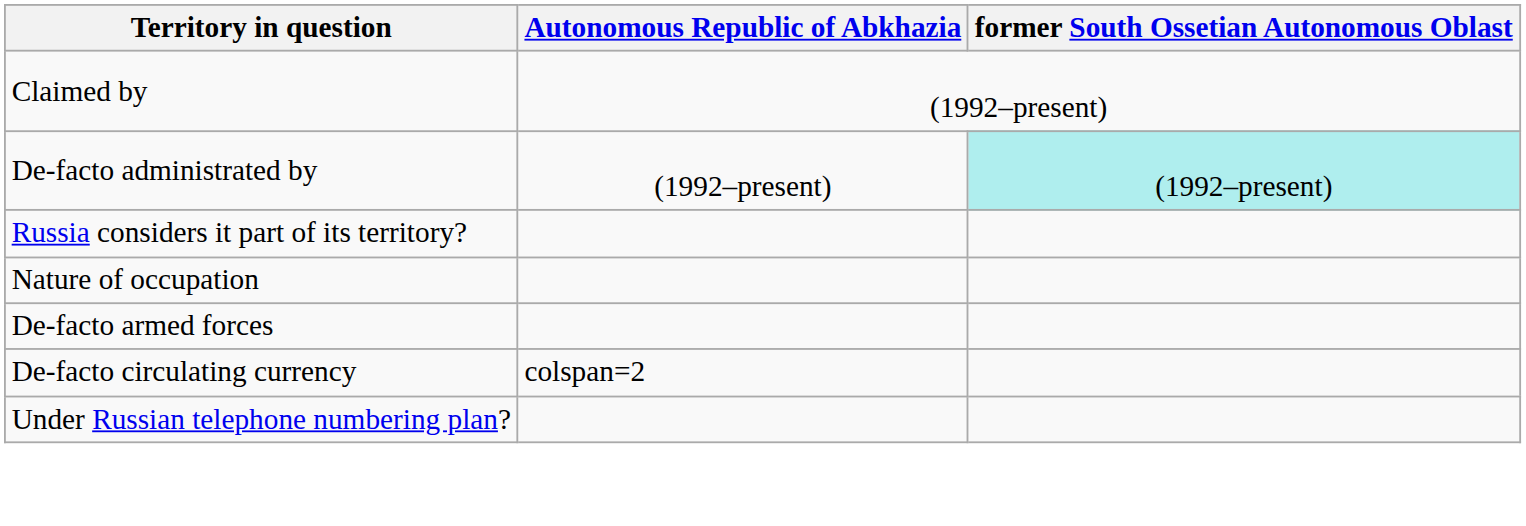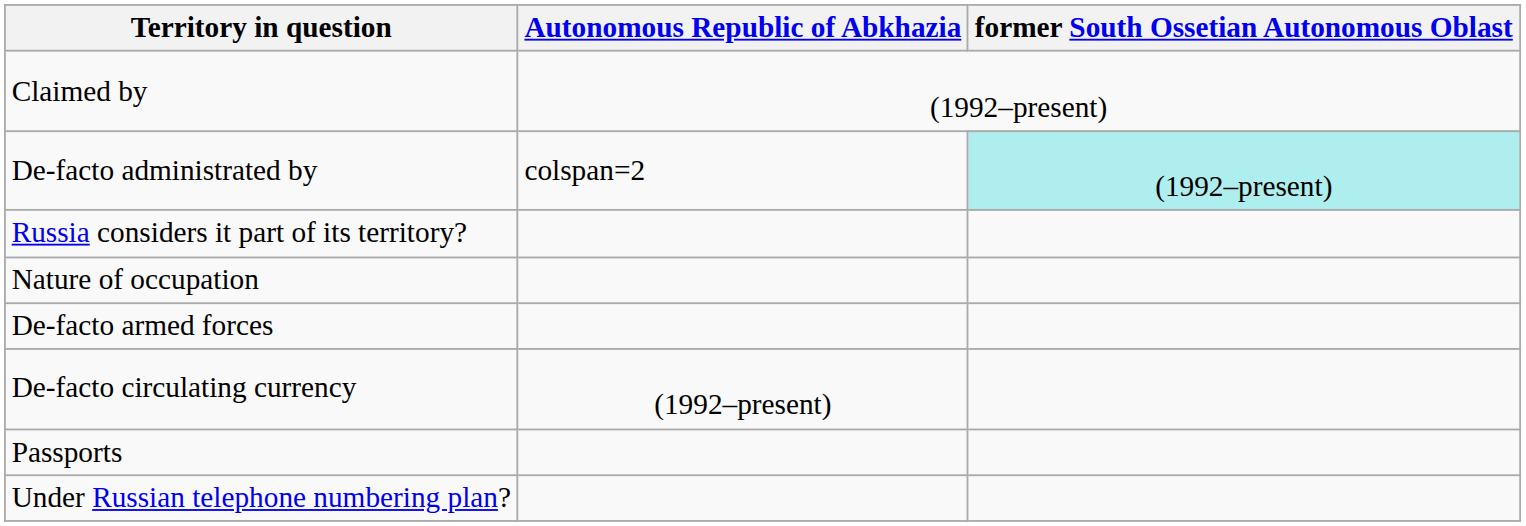 <table class="wikitable" style="font-size: 100%">
 <tr>
 <th>Territory in question</th>
 <th><a href='#'>Autonomous Republic of Abkhazia</a></th>
 <th>former <a href='#'>South Ossetian Autonomous Oblast</a></th>
 </tr>
 <tr>
 <td>Claimed by</td>
 <td align="center" colspan=2><br>(1992–present)</td>
 </tr>
 <tr>
 <td>De-facto administrated by</td>
-<td align="center"><br>(1992–present)</td>
+<td>colspan=2 </td>
 <td align="center" style="background: paleturquoise;"><br>(1992–present)</td>
 </tr>
 <tr>
 <td><a href='#'>Russia</a> considers it part of its territory?</td>
 <td></td>
 <td></td>
 </tr>
 <tr>
 <td>Nature of occupation</td>
 <td></td>
 <td></td>
 </tr>
 <tr>
 <td>De-facto armed forces</td>
 <td></td>
 <td></td>
 </tr>
 <tr>
 <td>De-facto circulating currency</td>
-<td>colspan=2 </td>
+<td align="center"><br>(1992–present)</td>
+</tr>
+<tr>
+<td>Passports</td>
+<td></td>
+<td></td>
 </tr>
 <tr>
 <td>Under <a href='#'>Russian telephone numbering plan</a>?</td>
 <td></td>
 <td></td>
 </tr>
 </table>
